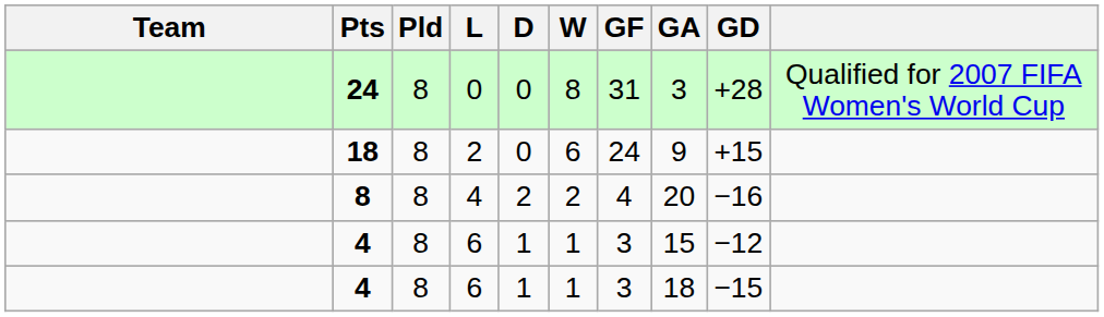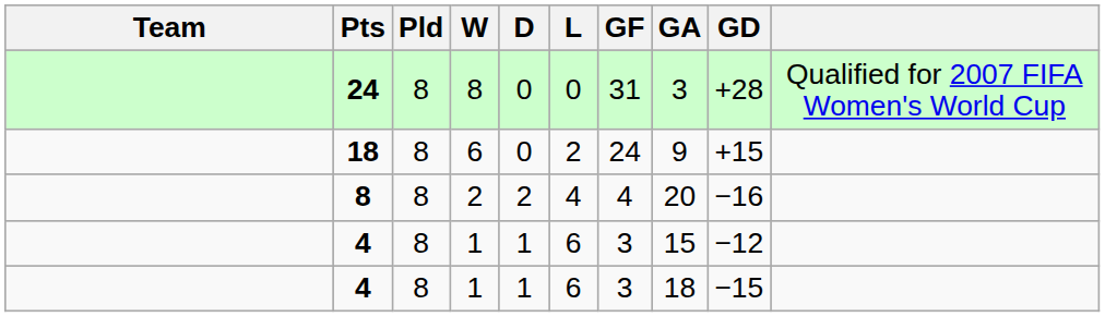 <table class="wikitable" style="text-align:center;">
 <tr>
 <th width=175>Team</th>
 <th width=20 abbr="Points">Pts</th>
 <th width=20 abbr="Played">Pld</th>
+<th width=20 abbr="Won">W</th>
+<th width=20 abbr="Drawn">D</th>
 <th width=20 abbr="Lost">L</th>
-<th width=20 abbr="Drawn">D</th>
-<th width=20 abbr="Won">W</th>
 <th width=20 abbr="Goals for">GF</th>
 <th width=20 abbr="Goals against">GA</th>
 <th width=20 abbr="Goal difference">GD</th>
 <th></th>
 </tr>
 <tr bgcolor="#ccffcc">
 <td style="text-align:left;"></td>
 <td><strong>24</strong></td>
 <td>8</td>
+<td>8</td>
 <td>0</td>
 <td>0</td>
-<td>8</td>
 <td>31</td>
 <td>3</td>
 <td>+28</td>
 <td>Qualified for <a href='#'>2007 FIFA Women's World Cup</a></td>
 </tr>
 <tr>
 <td style="text-align:left;"></td>
 <td><strong>18</strong></td>
 <td>8</td>
+<td>6</td>
+<td>0</td>
 <td>2</td>
-<td>0</td>
-<td>6</td>
 <td>24</td>
 <td>9</td>
 <td>+15</td>
 <td></td>
 </tr>
 <tr>
 <td style="text-align:left;"></td>
 <td><strong>8</strong></td>
 <td>8</td>
-<td>4</td>
 <td>2</td>
 <td>2</td>
+<td>4</td>
 <td>4</td>
 <td>20</td>
 <td>−16</td>
 <td></td>
 </tr>
 <tr>
 <td style="text-align:left;"></td>
 <td><strong>4</strong></td>
 <td>8</td>
-<td>6</td>
 <td>1</td>
 <td>1</td>
+<td>6</td>
 <td>3</td>
 <td>15</td>
 <td>−12</td>
 <td></td>
 </tr>
 <tr>
 <td style="text-align:left;"></td>
 <td><strong>4</strong></td>
 <td>8</td>
-<td>6</td>
 <td>1</td>
 <td>1</td>
+<td>6</td>
 <td>3</td>
 <td>18</td>
 <td>−15</td>
 <td></td>
 </tr>
 </table>
